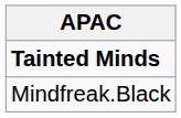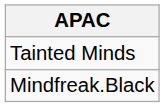 <table class="wikitable" style="display: inline-table; margin-left: 25px;">
 <tr>
 <th>APAC</th>
 </tr>
 <tr>
-<td><strong>Tainted Minds</strong></td>
+<td>Tainted Minds</td>
 </tr>
 <tr>
 <td>Mindfreak.Black</td>
 </tr>
 </table>
